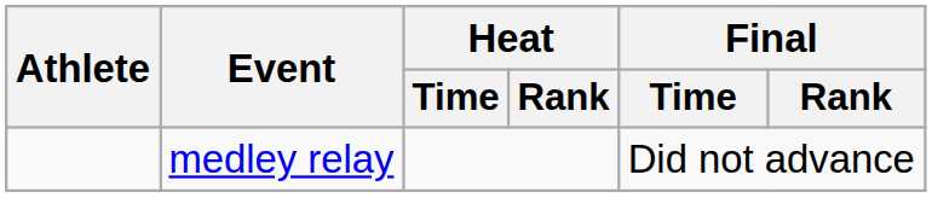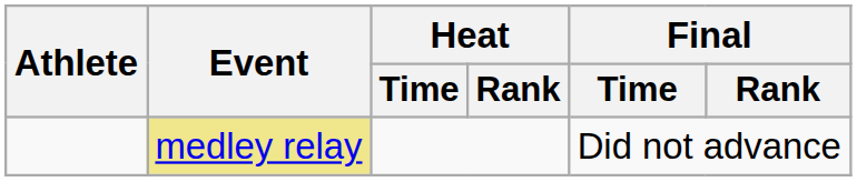 <table class="wikitable" style="text-align:center; font-size:90%">
 <tr>
 <th rowspan=2>Athlete</th>
 <th rowspan=2>Event</th>
 <th colspan=2>Heat</th>
 <th colspan=2>Final</th>
 </tr>
 <tr style="font-size:95%">
 <th>Time</th>
 <th>Rank</th>
 <th>Time</th>
 <th>Rank</th>
 </tr>
 <tr>
 <td align=left></td>
-<td align=left><a href='#'> medley relay</a></td>
+<td align=left style="background: khaki;"><a href='#'> medley relay</a></td>
 <td colspan=2></td>
 <td colspan=2>Did not advance</td>
 </tr>
 </table>
